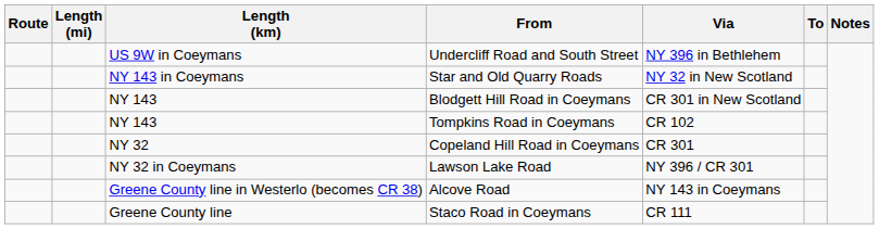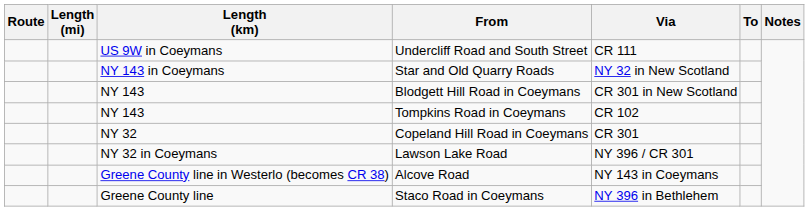 <table class="wikitable sortable">
 <tr>
 <th>Route</th>
 <th>Length<br>(mi)</th>
 <th>Length<br>(km)</th>
 <th class="unsortable">From</th>
 <th class="unsortable">Via</th>
 <th class="unsortable">To</th>
 <th class="unsortable">Notes</th>
 </tr>
 <tr>
 <td id="101"></td>
 <td></td>
 <td><a href='#'>US&nbsp;9W</a> in Coeymans</td>
 <td>Undercliff Road and South Street</td>
-<td><a href='#'>NY&nbsp;396</a> in Bethlehem</td>
+<td>CR 111</td>
 <td></td>
 </tr>
 <tr>
 <td id="102"></td>
 <td></td>
 <td><a href='#'>NY&nbsp;143</a> in Coeymans</td>
 <td>Star and Old Quarry Roads</td>
 <td><a href='#'>NY&nbsp;32</a> in New Scotland</td>
 <td></td>
 </tr>
 <tr>
 <td id="103"></td>
 <td></td>
 <td>NY 143</td>
 <td>Blodgett Hill Road in Coeymans</td>
 <td>CR 301 in New Scotland</td>
 <td></td>
 </tr>
 <tr>
 <td id="106"></td>
 <td></td>
 <td>NY 143</td>
 <td>Tompkins Road in Coeymans</td>
 <td>CR 102</td>
 <td></td>
 </tr>
 <tr>
 <td id="108"></td>
 <td></td>
 <td>NY 32</td>
 <td>Copeland Hill Road in Coeymans</td>
 <td>CR 301</td>
 <td></td>
 </tr>
 <tr>
 <td id="109"></td>
 <td></td>
 <td>NY 32 in Coeymans</td>
 <td>Lawson Lake Road</td>
 <td>NY 396 / CR 301</td>
 <td></td>
 </tr>
 <tr>
 <td id="111"></td>
 <td></td>
 <td><a href='#'>Greene County</a> line in Westerlo (becomes <a href='#'>CR 38</a>)</td>
 <td>Alcove Road</td>
 <td>NY 143 in Coeymans</td>
 <td></td>
 </tr>
 <tr>
 <td id="112"></td>
 <td></td>
 <td>Greene County line</td>
 <td>Staco Road in Coeymans</td>
-<td>CR 111</td>
+<td><a href='#'>NY&nbsp;396</a> in Bethlehem</td>
 <td></td>
 </tr>
 </table>
